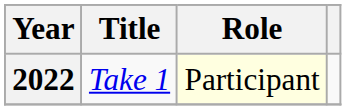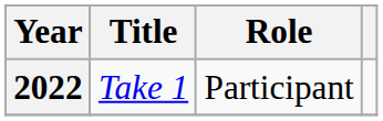 <table class="wikitable plainrowheaders">
 <tr>
 <th scope="col">Year</th>
 <th scope="col">Title</th>
 <th scope="col">Role</th>
 <th scope="col" class="unsortable"></th>
 </tr>
 <tr>
 <th scope="row">2022</th>
 <td><em><a href='#'>Take 1</a></em></td>
-<td style="background: lightyellow;">Participant</td>
+<td>Participant</td>
 <td></td>
 </tr>
 <tr>
 </tr>
 </table>
